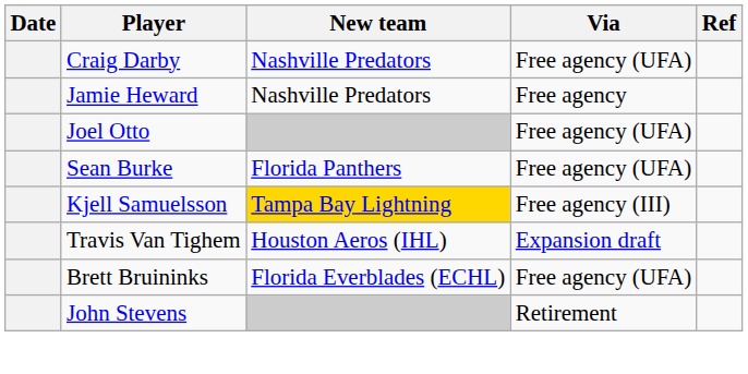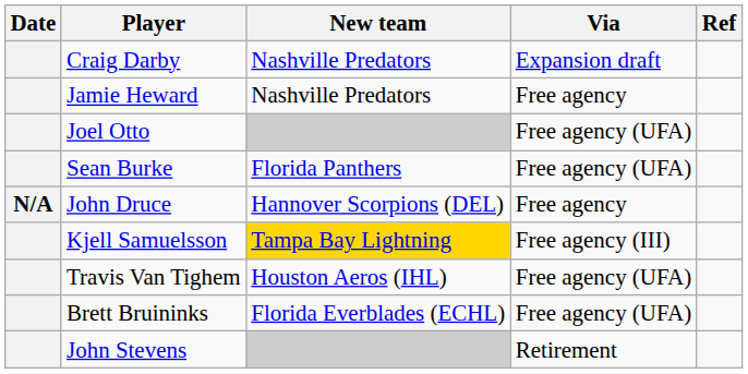 <table class="wikitable plainrowheaders">
 <tr style="background:#ddd; text-align:center;">
 <th>Date</th>
 <th>Player</th>
 <th>New team</th>
 <th>Via</th>
 <th>Ref</th>
 </tr>
 <tr>
 <th scope="row"></th>
 <td><a href='#'>Craig Darby</a></td>
 <td><a href='#'>Nashville Predators</a></td>
-<td>Free agency (UFA)</td>
+<td><a href='#'>Expansion draft</a></td>
 <td></td>
 </tr>
 <tr>
 <th scope="row"></th>
 <td><a href='#'>Jamie Heward</a></td>
 <td>Nashville Predators</td>
 <td>Free agency</td>
 <td></td>
 </tr>
 <tr>
 <th scope="row"></th>
 <td><a href='#'>Joel Otto</a></td>
 <td style="background:#ccc"></td>
 <td>Free agency (UFA)</td>
 <td></td>
 </tr>
 <tr>
 <th scope="row"></th>
 <td><a href='#'>Sean Burke</a></td>
 <td><a href='#'>Florida Panthers</a></td>
 <td>Free agency (UFA)</td>
 <td></td>
 </tr>
 <tr>
+<th scope="row">N/A</th>
+<td><a href='#'>John Druce</a></td>
+<td><a href='#'>Hannover Scorpions</a> (<a href='#'>DEL</a>)</td>
+<td>Free agency</td>
+<td></td>
+</tr>
+<tr>
 <th scope="row"></th>
 <td><a href='#'>Kjell Samuelsson</a></td>
 <td style="background: gold;"><a href='#'>Tampa Bay Lightning</a></td>
 <td>Free agency (III)</td>
 <td></td>
 </tr>
 <tr>
 <th scope="row"></th>
 <td>Travis Van Tighem</td>
 <td><a href='#'>Houston Aeros</a> (<a href='#'>IHL</a>)</td>
-<td><a href='#'>Expansion draft</a></td>
+<td>Free agency (UFA)</td>
 <td></td>
 </tr>
 <tr>
 <th scope="row"></th>
 <td>Brett Bruininks</td>
 <td><a href='#'>Florida Everblades</a> (<a href='#'>ECHL</a>)</td>
 <td>Free agency (UFA)</td>
 <td></td>
 </tr>
 <tr>
 <th scope="row"></th>
 <td><a href='#'>John Stevens</a></td>
 <td style="background:#ccc"></td>
 <td>Retirement</td>
 <td></td>
 </tr>
 </table>
